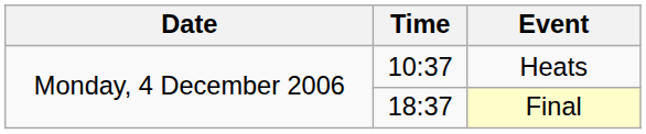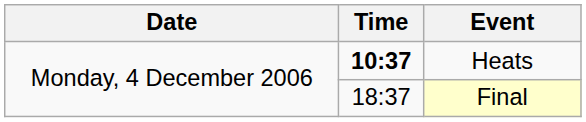 <table class = "wikitable" style="text-align:center;">
 <tr>
 <th width=220>Date</th>
 <th width=50>Time</th>
 <th width=100>Event</th>
 </tr>
 <tr>
 <td rowspan=2>Monday, 4 December 2006</td>
-<td>10:37</td>
+<td><strong>10:37</strong></td>
 <td>Heats</td>
 </tr>
 <tr>
 <td>18:37</td>
 <td bgcolor=ffffcc>Final</td>
 </tr>
 </table>
